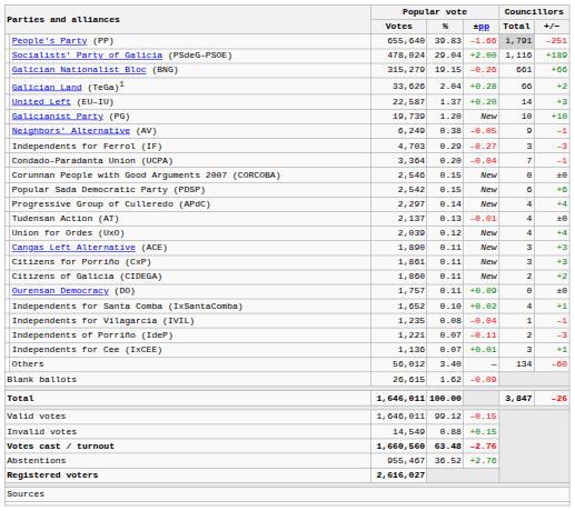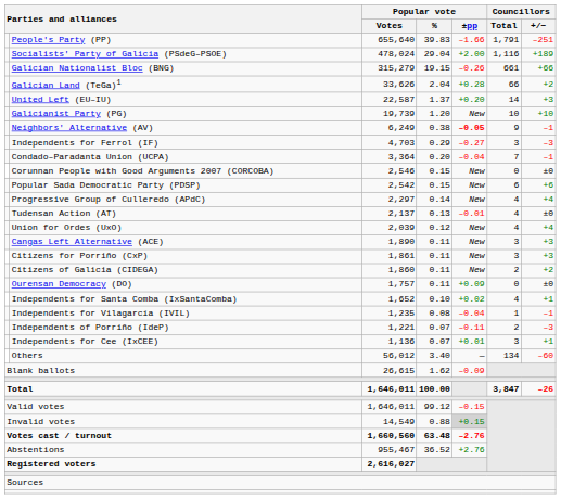 <table class="wikitable" style="text-align:right;">
 <tr>
 <th style="text-align:left;" rowspan="2" colspan="2" width="525">Parties and alliances</th>
 <th colspan="3">Popular vote</th>
 <th colspan="2">Councillors</th>
 </tr>
 <tr>
 <th width="75">Votes</th>
 <th width="45">%</th>
 <th width="45">±<a href='#'>pp</a></th>
 <th width="45">Total</th>
 <th width="45">+/−</th>
 </tr>
 <tr>
 <td width="1" style="color:inherit;background:"></td>
 <td align="left"><a href='#'>People's Party</a> (PP)</td>
 <td>655,640</td>
 <td>39.83</td>
 <td style="color:red;">–1.66</td>
-<td style="background: lightgrey;">1,791</td>
+<td>1,791</td>
 <td style="color:red;">–251</td>
 </tr>
 <tr>
 <td style="color:inherit;background:"></td>
 <td align="left"><a href='#'>Socialists' Party of Galicia</a> (PSdeG–PSOE)</td>
 <td>478,024</td>
 <td>29.04</td>
 <td style="color:green;">+2.00</td>
 <td>1,116</td>
 <td style="color:green;">+189</td>
 </tr>
 <tr>
 <td style="color:inherit;background:"></td>
 <td align="left"><a href='#'>Galician Nationalist Bloc</a> (BNG)</td>
 <td>315,279</td>
 <td>19.15</td>
 <td style="color:red;">–0.26</td>
 <td>661</td>
 <td style="color:green;">+66</td>
 </tr>
 <tr>
 <td style="color:inherit;background:"></td>
 <td align="left"><a href='#'>Galician Land</a> (TeGa)<sup>1</sup></td>
 <td>33,626</td>
 <td>2.04</td>
 <td style="color:green;">+0.28</td>
 <td>66</td>
 <td style="color:green;">+2</td>
 </tr>
 <tr>
 <td style="color:inherit;background:"></td>
 <td align="left"><a href='#'>United Left</a> (EU–IU)</td>
 <td>22,587</td>
 <td>1.37</td>
 <td style="color:green;">+0.20</td>
 <td>14</td>
 <td style="color:green;">+3</td>
 </tr>
 <tr>
 <td style="color:inherit;background:"></td>
 <td align="left"><a href='#'>Galicianist Party</a> (PG)</td>
 <td>19,739</td>
 <td>1.20</td>
 <td><em>New</em></td>
 <td>10</td>
 <td style="color:green;">+10</td>
 </tr>
 <tr>
 <td style="color:inherit;background:"></td>
 <td align="left"><a href='#'>Neighbors' Alternative</a> (AV)</td>
 <td>6,249</td>
 <td>0.38</td>
-<td style="color:red;">–0.05</td>
+<td style="color:red;"><strong>–0.05</strong></td>
 <td>9</td>
 <td style="color:red;">–1</td>
 </tr>
 <tr>
 <td style="color:inherit;background:"></td>
 <td align="left">Independents for Ferrol (IF)</td>
 <td>4,703</td>
 <td>0.29</td>
 <td style="color:red;">–0.27</td>
 <td>3</td>
 <td style="color:red;">–3</td>
 </tr>
 <tr>
 <td style="color:inherit;background:"></td>
 <td align="left">Condado–Paradanta Union (UCPA)</td>
 <td>3,364</td>
 <td>0.20</td>
 <td style="color:red;">–0.04</td>
 <td>7</td>
 <td style="color:red;">–1</td>
 </tr>
 <tr>
 <td bgcolor="white"></td>
 <td align="left">Corunnan People with Good Arguments 2007 (CORCOBA)</td>
 <td>2,546</td>
 <td>0.15</td>
 <td><em>New</em></td>
 <td>0</td>
 <td>±0</td>
 </tr>
 <tr>
 <td style="color:inherit;background:"></td>
 <td align="left">Popular Sada Democratic Party (PDSP)</td>
 <td>2,542</td>
 <td>0.15</td>
 <td><em>New</em></td>
 <td>6</td>
 <td style="color:green;">+6</td>
 </tr>
 <tr>
 <td style="color:inherit;background:"></td>
 <td align="left">Progressive Group of Culleredo (APdC)</td>
 <td>2,297</td>
 <td>0.14</td>
 <td><em>New</em></td>
 <td>4</td>
 <td style="color:green;">+4</td>
 </tr>
 <tr>
 <td style="color:inherit;background:"></td>
 <td align="left">Tudensan Action (AT)</td>
 <td>2,137</td>
 <td>0.13</td>
 <td style="color:red;">–0.01</td>
 <td>4</td>
 <td>±0</td>
 </tr>
 <tr>
 <td style="color:inherit;background:"></td>
 <td align="left">Union for Ordes (UxO)</td>
 <td>2,039</td>
 <td>0.12</td>
 <td><em>New</em></td>
 <td>4</td>
 <td style="color:green;">+4</td>
 </tr>
 <tr>
 <td style="color:inherit;background:"></td>
 <td align="left"><a href='#'>Cangas Left Alternative</a> (ACE)</td>
 <td>1,890</td>
 <td>0.11</td>
 <td><em>New</em></td>
 <td>3</td>
 <td style="color:green;">+3</td>
 </tr>
 <tr>
 <td bgcolor="white"></td>
 <td align="left">Citizens for Porriño (CxP)</td>
 <td>1,861</td>
 <td>0.11</td>
 <td><em>New</em></td>
 <td>3</td>
 <td style="color:green;">+3</td>
 </tr>
 <tr>
 <td style="color:inherit;background:"></td>
 <td align="left">Citizens of Galicia (CIDEGA)</td>
 <td>1,860</td>
 <td>0.11</td>
 <td><em>New</em></td>
 <td>2</td>
 <td style="color:green;">+2</td>
 </tr>
 <tr>
 <td style="color:inherit;background:"></td>
 <td align="left"><a href='#'>Ourensan Democracy</a> (DO)</td>
 <td>1,757</td>
 <td>0.11</td>
 <td style="color:green;">+0.09</td>
 <td>0</td>
 <td>±0</td>
 </tr>
 <tr>
 <td bgcolor="white"></td>
 <td align="left">Independents for Santa Comba (IxSantaComba)</td>
 <td>1,652</td>
 <td>0.10</td>
 <td style="color:green;">+0.02</td>
 <td>4</td>
 <td style="color:green;">+1</td>
 </tr>
 <tr>
 <td style="color:inherit;background:"></td>
 <td align="left">Independents for Vilagarcía (IVIL)</td>
 <td>1,235</td>
 <td>0.08</td>
 <td style="color:red;">–0.04</td>
 <td>1</td>
 <td style="color:red;">–1</td>
 </tr>
 <tr>
 <td style="color:inherit;background:"></td>
 <td align="left">Independents of Porriño (IdeP)</td>
 <td>1,221</td>
 <td>0.07</td>
 <td style="color:red;">–0.11</td>
 <td>2</td>
 <td style="color:red;">–3</td>
 </tr>
 <tr>
 <td style="color:inherit;background:"></td>
 <td align="left">Independents for Cee (IxCEE)</td>
 <td>1,136</td>
 <td>0.07</td>
 <td style="color:green;">+0.01</td>
 <td>3</td>
 <td style="color:green;">+1</td>
 </tr>
 <tr>
 <td bgcolor="white"></td>
 <td align="left">Others</td>
 <td>56,012</td>
 <td>3.40</td>
 <td>—</td>
 <td>134</td>
 <td style="color:red;">–60</td>
 </tr>
 <tr>
 <td align="left" colspan="2">Blank ballots</td>
 <td>26,615</td>
 <td>1.62</td>
 <td style="color:red;">–0.09</td>
 <td bgcolor="#E9E9E9" colspan="2"></td>
 </tr>
 <tr>
 <td colspan="7" bgcolor="#E9E9E9"></td>
 </tr>
 <tr style="font-weight:bold;">
 <td align="left" colspan="2">Total</td>
 <td>1,646,011</td>
 <td>100.00</td>
 <td bgcolor="#E9E9E9"></td>
 <td>3,847</td>
 <td style="color:red;">–26</td>
 </tr>
 <tr>
 <td colspan="7" bgcolor="#E9E9E9"></td>
 </tr>
 <tr>
 <td align="left" colspan="2">Valid votes</td>
 <td>1,646,011</td>
 <td>99.12</td>
 <td style="color:red;">–0.15</td>
 <td bgcolor="#E9E9E9" colspan="2" rowspan="5"></td>
 </tr>
 <tr>
 <td align="left" colspan="2">Invalid votes</td>
 <td>14,549</td>
 <td>0.88</td>
-<td style="color:green;">+0.15</td>
+<td style="background: lightgrey; color:green;">+0.15</td>
 </tr>
 <tr style="font-weight:bold;">
 <td align="left" colspan="2">Votes cast / turnout</td>
 <td>1,660,560</td>
 <td>63.48</td>
 <td style="color:red;">–2.76</td>
 </tr>
 <tr>
 <td align="left" colspan="2">Abstentions</td>
 <td>955,467</td>
 <td>36.52</td>
 <td style="color:green;">+2.76</td>
 </tr>
 <tr style="font-weight:bold;">
 <td align="left" colspan="2">Registered voters</td>
 <td>2,616,027</td>
 <td bgcolor="#E9E9E9" colspan="2"></td>
 </tr>
 <tr>
 <td colspan="7" bgcolor="#E9E9E9"></td>
 </tr>
 <tr>
 <td align="left" colspan="7">Sources</td>
 </tr>
 <tr>
 <td colspan="7" style="text-align:left; max-width:790px;"></td>
 </tr>
 </table>
